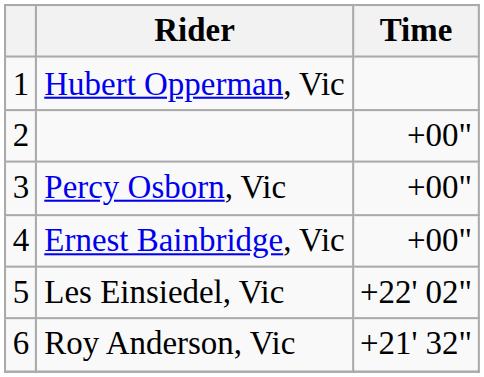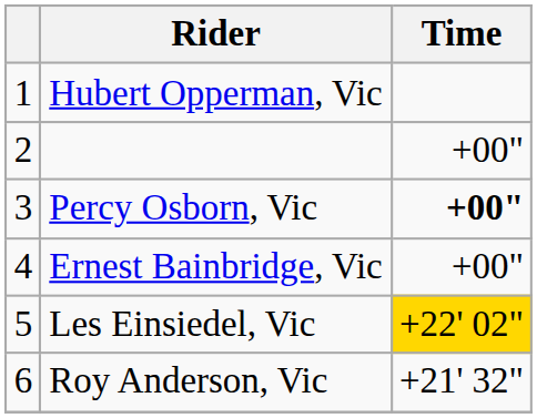 <table class="wikitable">
 <tr>
 <th></th>
 <th scope=col>Rider</th>
 <th scope=col>Time</th>
 </tr>
 <tr>
 <td>1</td>
 <td><a href='#'>Hubert Opperman</a>, Vic</td>
 <td style="text-align: right;"></td>
 </tr>
 <tr>
 <td>2</td>
 <td></td>
 <td style="text-align: right;">+00"</td>
 </tr>
 <tr>
 <td>3</td>
 <td><a href='#'>Percy Osborn</a>, Vic</td>
-<td style="text-align: right;">+00"</td>
+<td style="text-align: right;"><strong>+00"</strong></td>
 </tr>
 <tr>
 <td>4</td>
 <td><a href='#'>Ernest Bainbridge</a>, Vic</td>
 <td style="text-align: right;">+00"</td>
 </tr>
 <tr>
 <td>5</td>
 <td>Les Einsiedel, Vic</td>
-<td style="text-align: right;">+22' 02"</td>
+<td style="background: gold; text-align: right;">+22' 02"</td>
 </tr>
 <tr>
 <td>6</td>
 <td>Roy Anderson, Vic</td>
 <td style="text-align: right;">+21' 32"</td>
 </tr>
 <tr>
 </tr>
 </table>
